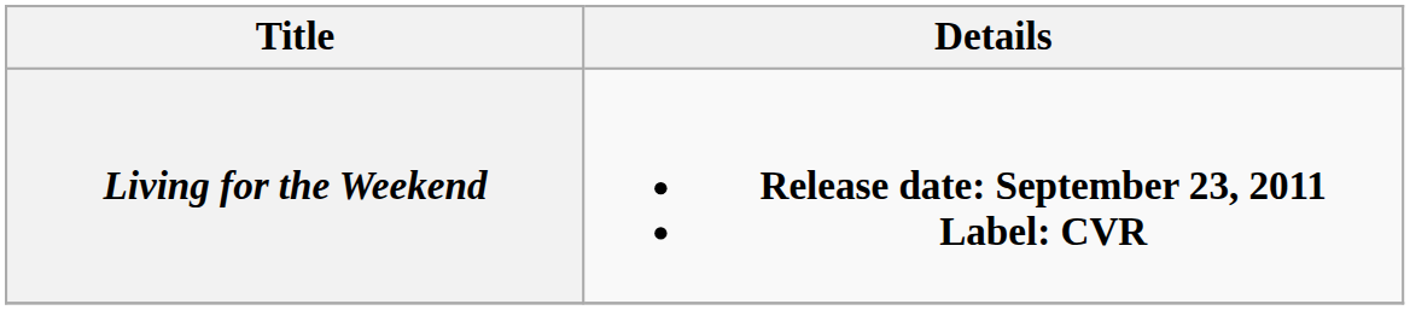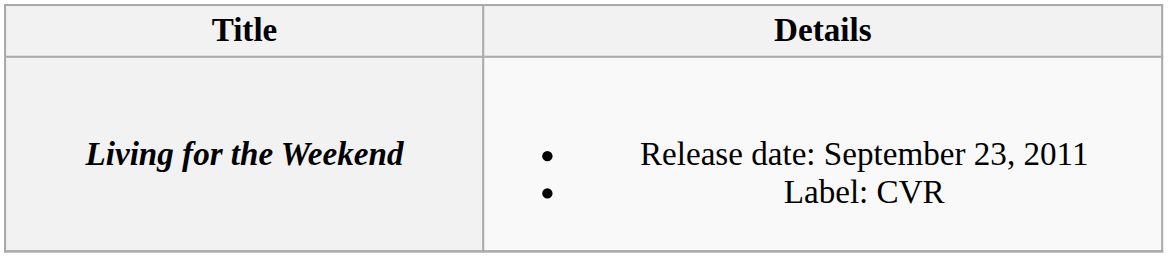 <table class="wikitable plainrowheaders" style="text-align:center;">
 <tr>
 <th style="width:14em;">Title</th>
 <th style="width:20em;">Details</th>
 </tr>
 <tr>
 <th scope="row"><em>Living for the Weekend</em></th>
-<td><strong><br><ul><li>Release date: September 23, 2011</li><li>Label: CVR</li></ul></strong></td>
+<td><br><ul><li>Release date: September 23, 2011</li><li>Label: CVR</li></ul></td>
 </tr>
 <tr>
 </tr>
 </table>
